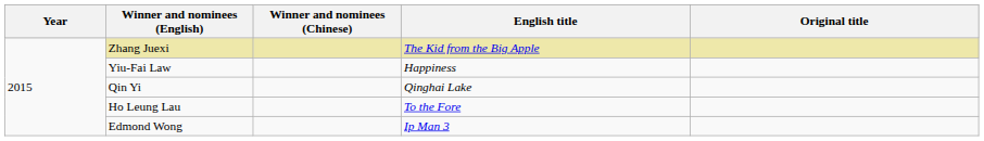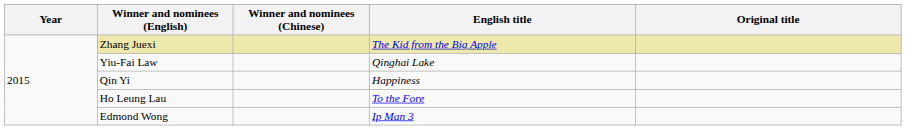 <table class="wikitable" style="width:100%;">
 <tr style="background:#bebebe">
 <th width="100"><strong>Year</strong></th>
 <th width="150"><strong>Winner and nominees<br>(English)</strong></th>
 <th width="150"><strong>Winner and nominees<br>(Chinese)</strong></th>
 <th width="300"><strong>English title</strong></th>
 <th width="300"><strong>Original title</strong></th>
 </tr>
 <tr>
 <td rowspan="5">2015</td>
 <td style="background:#EEE8AA;">Zhang Juexi</td>
 <td style="background:#EEE8AA;"></td>
 <td style="background:#EEE8AA;"><em><a href='#'>The Kid from the Big Apple</a></em></td>
 <td style="background:#EEE8AA;"></td>
 </tr>
 <tr>
 <td>Yiu-Fai Law</td>
 <td></td>
-<td><em>Happiness</em></td>
+<td><em>Qinghai Lake</em></td>
 <td></td>
 </tr>
 <tr>
 <td>Qin Yi</td>
 <td></td>
-<td><em>Qinghai Lake</em></td>
+<td><em>Happiness</em></td>
 <td></td>
 </tr>
 <tr>
 <td>Ho Leung Lau</td>
 <td></td>
 <td><em><a href='#'>To the Fore</a></em></td>
 <td></td>
 </tr>
 <tr>
 <td>Edmond Wong</td>
 <td></td>
 <td><em><a href='#'>Ip Man 3</a></em></td>
 <td></td>
 </tr>
 </table>
